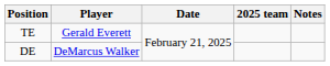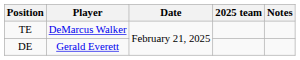 <table class="wikitable" style="text-align:center">
 <tr>
 <th>Position</th>
 <th>Player</th>
 <th>Date</th>
 <th>2025 team</th>
 <th>Notes</th>
 </tr>
 <tr>
 <td>TE</td>
-<td><a href='#'>Gerald Everett</a></td>
+<td><a href='#'>DeMarcus Walker</a></td>
 <td rowspan="2">February 21, 2025</td>
 <td></td>
 <td></td>
 </tr>
 <tr>
 <td>DE</td>
-<td><a href='#'>DeMarcus Walker</a></td>
+<td><a href='#'>Gerald Everett</a></td>
 <td></td>
 <td></td>
 </tr>
 </table>
